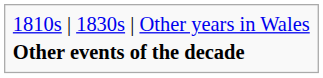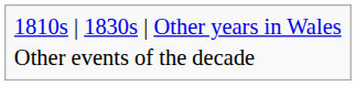 <table class="infobox" id="toc">
 <tr>
 <td align="left"><a href='#'>1810s</a> | <a href='#'>1830s</a> | <a href='#'>Other years in Wales</a></td>
 </tr>
 <tr>
-<td><strong>Other events of the decade</strong></td>
+<td>Other events of the decade</td>
 </tr>
 </table>
